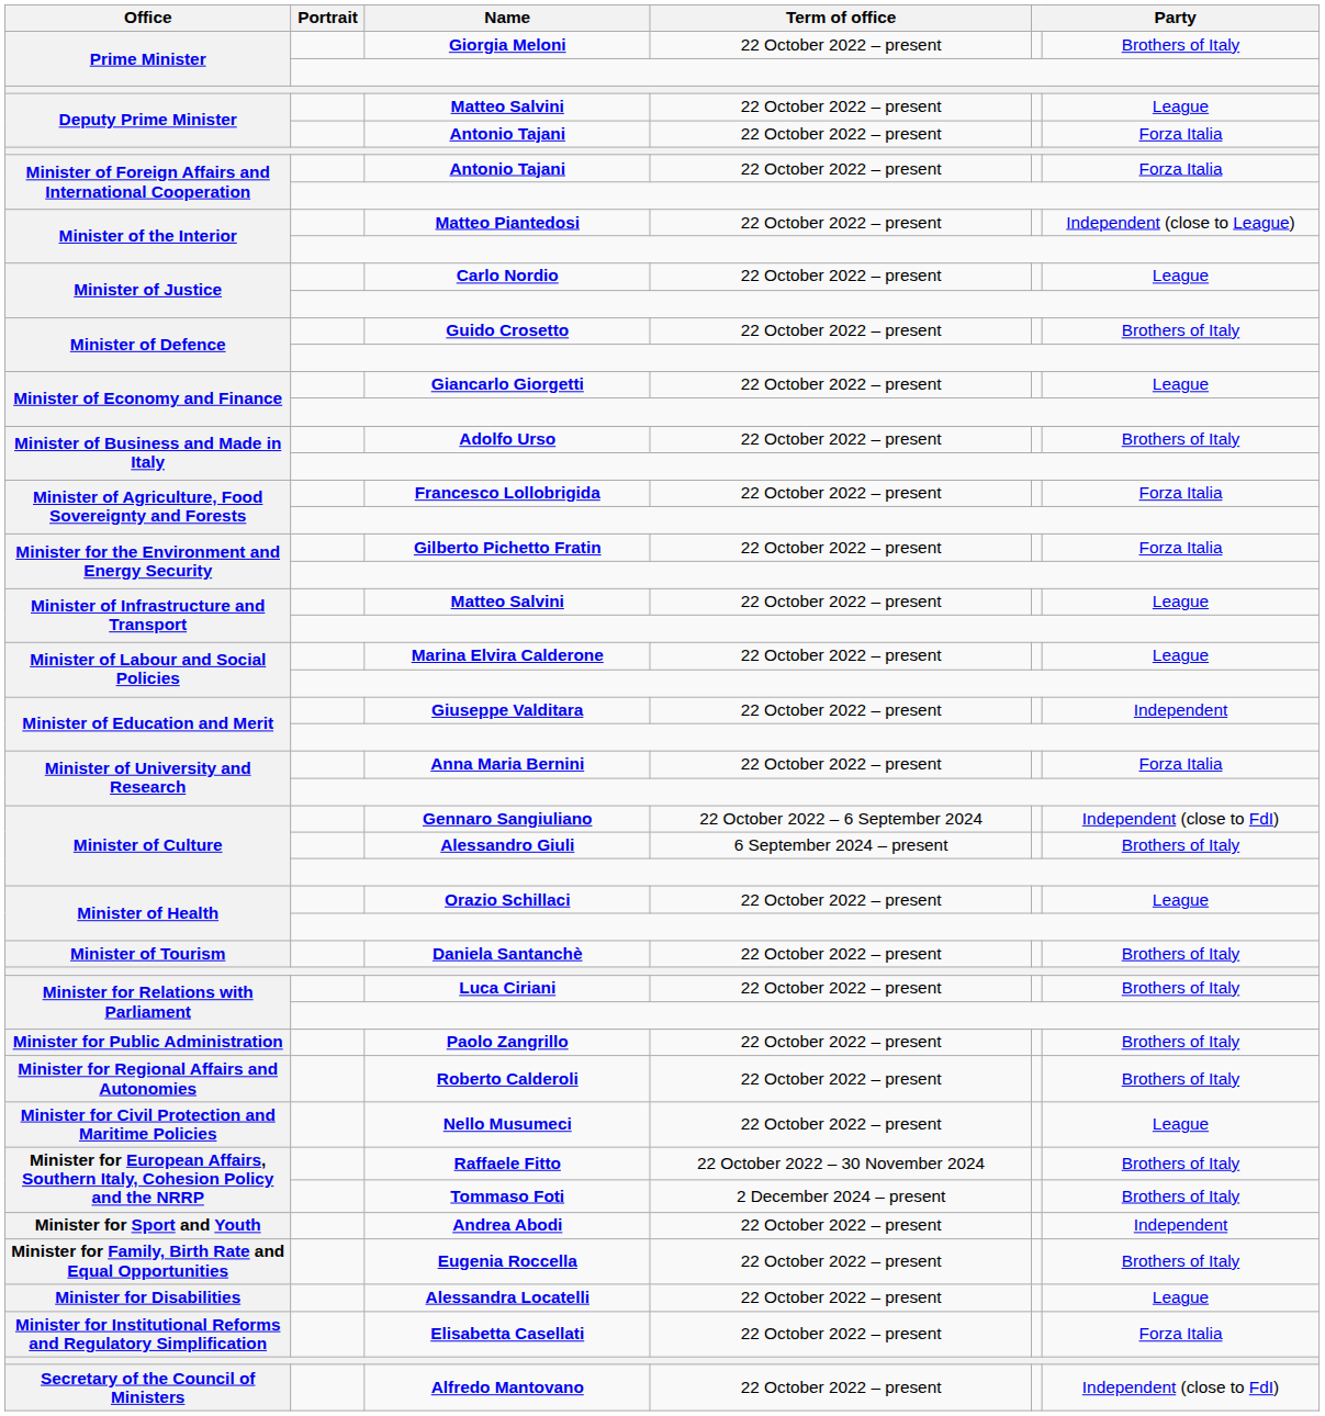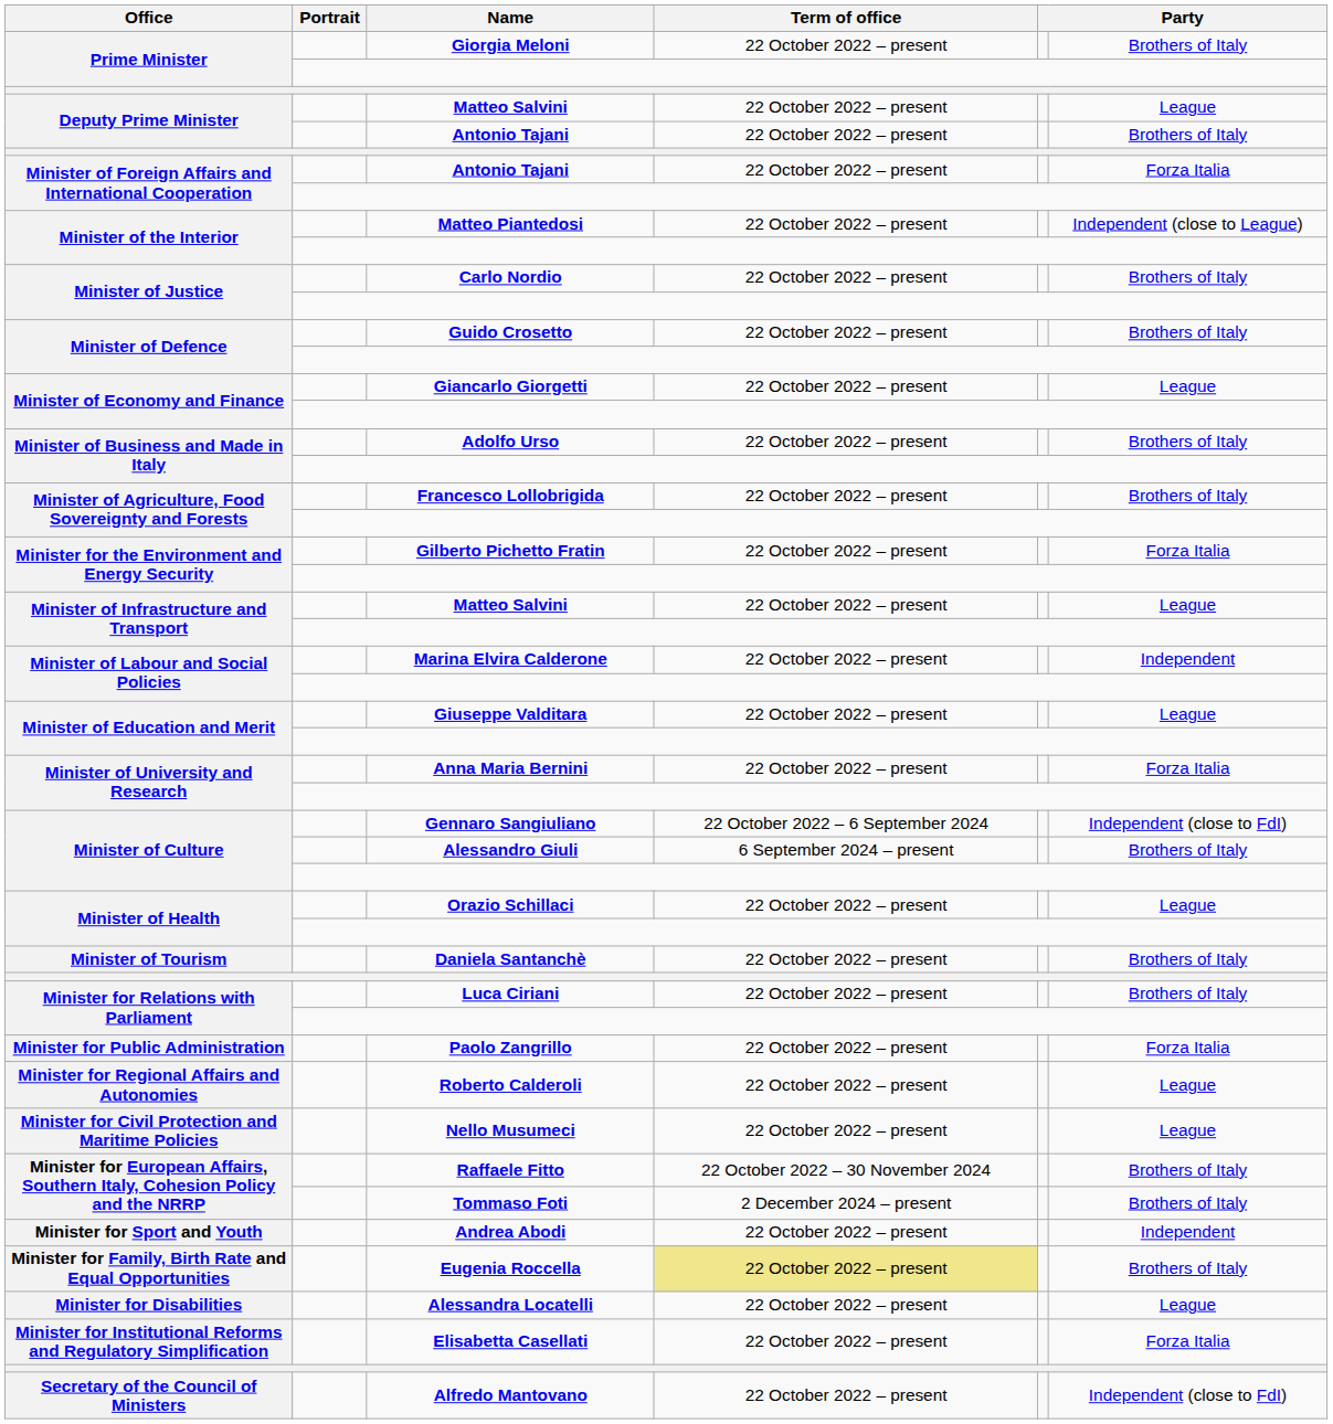 <table class="wikitable" style="text-align:center;">
 <tr>
 <th width=15%>Office</th>
 <th width=1%>Portrait</th>
 <th width=15%>Name</th>
 <th width=20%>Term of office</th>
 <th width=15% colspan=2>Party</th>
 </tr>
 <tr>
 <th rowspan=2><a href='#'>Prime Minister</a></th>
 <td></td>
 <td><strong><a href='#'>Giorgia Meloni</a></strong></td>
 <td>22 October 2022 – present</td>
 <td></td>
 <td><a href='#'>Brothers of Italy</a></td>
 </tr>
 <tr>
 <td colspan=6 style="font-size:95%; line-height:19px;"><br></td>
 </tr>
 <tr>
 <th colspan=6></th>
 </tr>
 <tr>
 <th rowspan="2"><a href='#'>Deputy Prime Minister</a></th>
 <td></td>
 <td><strong><a href='#'>Matteo Salvini</a></strong></td>
 <td>22 October 2022 – present</td>
 <td></td>
 <td><a href='#'>League</a></td>
 </tr>
 <tr>
 <td></td>
 <td><strong><a href='#'>Antonio Tajani</a></strong></td>
 <td>22 October 2022 – present</td>
 <td></td>
-<td><a href='#'>Forza Italia</a></td>
+<td><a href='#'>Brothers of Italy</a></td>
 </tr>
 <tr>
 <th colspan=6></th>
 </tr>
 <tr>
 <th rowspan=2><a href='#'>Minister of Foreign Affairs and International Cooperation</a></th>
 <td></td>
 <td><strong><a href='#'>Antonio Tajani</a></strong></td>
 <td>22 October 2022 – present</td>
 <td></td>
 <td><a href='#'>Forza Italia</a></td>
 </tr>
 <tr>
 <td colspan="5" style="font-size:95%; line-height:19px;"><br> </td>
 </tr>
 <tr>
 <th rowspan=2><a href='#'>Minister of the Interior</a></th>
 <td></td>
 <td><strong><a href='#'>Matteo Piantedosi</a></strong></td>
 <td>22 October 2022 – present</td>
 <td></td>
 <td><a href='#'>Independent</a> (close to <a href='#'>League</a>)</td>
 </tr>
 <tr>
 <td colspan=6 style="font-size:95%; line-height:19px;"><br></td>
 </tr>
 <tr>
 <th rowspan=2><a href='#'>Minister of Justice</a></th>
 <td></td>
 <td><strong><a href='#'>Carlo Nordio</a></strong></td>
 <td>22 October 2022 – present</td>
 <td></td>
-<td><a href='#'>League</a></td>
+<td><a href='#'>Brothers of Italy</a></td>
 </tr>
 <tr>
 <td colspan="5" style="font-size:95%; line-height:19px;"><br> </td>
 </tr>
 <tr>
 <th rowspan=2><a href='#'>Minister of Defence</a></th>
 <td></td>
 <td><strong><a href='#'>Guido Crosetto</a></strong></td>
 <td>22 October 2022 – present</td>
 <td></td>
 <td><a href='#'>Brothers of Italy</a></td>
 </tr>
 <tr>
 <td colspan=6 style="font-size:95%; line-height:19px;"><br></td>
 </tr>
 <tr>
 <th rowspan=2><a href='#'>Minister of Economy and Finance</a></th>
 <td></td>
 <td><strong><a href='#'>Giancarlo Giorgetti</a></strong></td>
 <td>22 October 2022 – present</td>
 <td></td>
 <td><a href='#'>League</a></td>
 </tr>
 <tr>
 <td colspan="5" style="font-size:95%; line-height:19px;"><br> </td>
 </tr>
 <tr>
 <th rowspan=2><a href='#'>Minister of Business and Made in Italy</a></th>
 <td></td>
 <td><strong><a href='#'>Adolfo Urso</a></strong></td>
 <td>22 October 2022 – present</td>
 <td></td>
 <td><a href='#'>Brothers of Italy</a></td>
 </tr>
 <tr>
 <td colspan="5" style="font-size:95%; line-height:19px;"><br> </td>
 </tr>
 <tr>
 <th rowspan=2><a href='#'>Minister of Agriculture, Food Sovereignty and Forests</a></th>
 <td></td>
 <td><strong><a href='#'>Francesco Lollobrigida</a></strong></td>
 <td>22 October 2022 – present</td>
 <td></td>
-<td><a href='#'>Forza Italia</a></td>
+<td><a href='#'>Brothers of Italy</a></td>
 </tr>
 <tr>
 <td colspan=6 style="font-size:95%; line-height:19px;"><br></td>
 </tr>
 <tr>
 <th rowspan=2><a href='#'>Minister for the Environment and Energy Security</a></th>
 <td></td>
 <td><strong><a href='#'>Gilberto Pichetto Fratin</a></strong></td>
 <td>22 October 2022 – present</td>
 <td></td>
 <td><a href='#'>Forza Italia</a></td>
 </tr>
 <tr>
 <td colspan="5" style="font-size:95%; line-height:19px;"><br> </td>
 </tr>
 <tr>
 <th rowspan=2><a href='#'>Minister of Infrastructure and Transport</a></th>
 <td></td>
 <td><strong><a href='#'>Matteo Salvini</a></strong></td>
 <td>22 October 2022 – present</td>
 <td></td>
 <td><a href='#'>League</a></td>
 </tr>
 <tr>
 <td colspan="5" style="font-size:95%; line-height:19px;"><br> </td>
 </tr>
 <tr>
 <th rowspan=2><a href='#'>Minister of Labour and Social Policies</a></th>
 <td></td>
 <td><strong><a href='#'>Marina Elvira Calderone</a></strong></td>
 <td>22 October 2022 – present</td>
 <td></td>
-<td><a href='#'>League</a></td>
+<td><a href='#'>Independent</a></td>
 </tr>
 <tr>
 <td colspan="5" style="font-size:95%; line-height:19px;"><br> </td>
 </tr>
 <tr>
 <th rowspan=2><a href='#'>Minister of Education and Merit</a></th>
 <td></td>
 <td><strong><a href='#'>Giuseppe Valditara</a></strong></td>
 <td>22 October 2022 – present</td>
 <td></td>
-<td><a href='#'>Independent</a></td>
+<td><a href='#'>League</a></td>
 </tr>
 <tr>
 <td colspan=6 style="font-size:95%; line-height:19px;"><br></td>
 </tr>
 <tr>
 <th rowspan=2><a href='#'>Minister of University and Research</a></th>
 <td></td>
 <td><strong><a href='#'>Anna Maria Bernini</a></strong></td>
 <td>22 October 2022 – present</td>
 <td></td>
 <td><a href='#'>Forza Italia</a></td>
 </tr>
 <tr>
 <td colspan=6 style="font-size:95%; line-height:19px;"><br></td>
 </tr>
 <tr>
 <th rowspan=3><a href='#'>Minister of Culture</a></th>
 <td></td>
 <td><strong><a href='#'>Gennaro Sangiuliano</a></strong></td>
 <td>22 October 2022 – 6 September 2024</td>
 <td></td>
 <td><a href='#'>Independent</a> (close to <a href='#'>FdI</a>)</td>
 </tr>
 <tr>
 <td></td>
 <td><strong><a href='#'>Alessandro Giuli</a></strong></td>
 <td>6 September 2024 – present</td>
 <td></td>
 <td><a href='#'>Brothers of Italy</a></td>
 </tr>
 <tr>
 <td colspan=6 style="font-size:95%; line-height:19px;"><br></td>
 </tr>
 <tr>
 <th rowspan=2><a href='#'>Minister of Health</a></th>
 <td></td>
 <td><strong><a href='#'>Orazio Schillaci</a></strong></td>
 <td>22 October 2022 – present</td>
 <td></td>
 <td><a href='#'>League</a></td>
 </tr>
 <tr>
 <td colspan=6 style="font-size:95%; line-height:19px;"><br></td>
 </tr>
 <tr>
 <th><a href='#'>Minister of Tourism</a></th>
 <td></td>
 <td><strong><a href='#'>Daniela Santanchè</a></strong></td>
 <td>22 October 2022 – present</td>
 <td></td>
 <td><a href='#'>Brothers of Italy</a></td>
 </tr>
 <tr>
 <th colspan=6></th>
 </tr>
 <tr>
 <th rowspan=2><a href='#'>Minister for Relations with Parliament</a><br></th>
 <td></td>
 <td><strong><a href='#'>Luca Ciriani</a></strong></td>
 <td>22 October 2022 – present</td>
 <td></td>
 <td><a href='#'>Brothers of Italy</a></td>
 </tr>
 <tr>
 <td colspan="5" style="font-size:95%; line-height:19px;"><br></td>
 </tr>
 <tr>
 <th><a href='#'>Minister for Public Administration</a><br></th>
 <td></td>
 <td><strong><a href='#'>Paolo Zangrillo</a></strong></td>
 <td>22 October 2022 – present</td>
 <td></td>
-<td><a href='#'>Brothers of Italy</a></td>
+<td><a href='#'>Forza Italia</a></td>
 </tr>
 <tr>
 <th><a href='#'>Minister for Regional Affairs and Autonomies</a><br></th>
 <td></td>
 <td><strong><a href='#'>Roberto Calderoli</a></strong></td>
 <td>22 October 2022 – present</td>
 <td></td>
-<td><a href='#'>Brothers of Italy</a></td>
+<td><a href='#'>League</a></td>
 </tr>
 <tr>
 <th><a href='#'>Minister for Civil Protection and Maritime Policies</a><br></th>
 <td></td>
 <td><strong><a href='#'>Nello Musumeci</a></strong></td>
 <td>22 October 2022 – present</td>
 <td></td>
 <td><a href='#'>League</a></td>
 </tr>
 <tr>
 <th rowspan=2>Minister for <a href='#'>European Affairs</a>, <a href='#'>Southern Italy, Cohesion Policy and the NRRP</a><br></th>
 <td></td>
 <td><strong><a href='#'>Raffaele Fitto</a></strong></td>
 <td>22 October 2022 – 30 November 2024</td>
 <td></td>
 <td><a href='#'>Brothers of Italy</a></td>
 </tr>
 <tr>
 <td></td>
 <td><strong><a href='#'>Tommaso Foti</a></strong></td>
 <td>2 December 2024 – present</td>
 <td></td>
 <td><a href='#'>Brothers of Italy</a></td>
 </tr>
 <tr>
 <th>Minister for <a href='#'>Sport</a> and <a href='#'>Youth</a><br></th>
 <td></td>
 <td><strong><a href='#'>Andrea Abodi</a></strong></td>
 <td>22 October 2022 – present</td>
 <td></td>
 <td><a href='#'>Independent</a></td>
 </tr>
 <tr>
 <th>Minister for <a href='#'>Family, Birth Rate</a> and <a href='#'>Equal Opportunities</a><br></th>
 <td></td>
 <td><strong><a href='#'>Eugenia Roccella</a></strong></td>
-<td>22 October 2022 – present</td>
+<td style="background: khaki;">22 October 2022 – present</td>
 <td></td>
 <td><a href='#'>Brothers of Italy</a></td>
 </tr>
 <tr>
 <th><a href='#'>Minister for Disabilities</a><br></th>
 <td></td>
 <td><strong><a href='#'>Alessandra Locatelli</a></strong></td>
 <td>22 October 2022 – present</td>
 <td></td>
 <td><a href='#'>League</a></td>
 </tr>
 <tr>
 <th><a href='#'>Minister for Institutional Reforms and Regulatory Simplification</a><br></th>
 <td></td>
 <td><strong><a href='#'>Elisabetta Casellati</a></strong></td>
 <td>22 October 2022 – present</td>
 <td></td>
 <td><a href='#'>Forza Italia</a></td>
 </tr>
 <tr>
 <th colspan=6></th>
 </tr>
 <tr>
 <th><a href='#'>Secretary of the Council of Ministers</a></th>
 <td></td>
 <td><strong><a href='#'>Alfredo Mantovano</a></strong></td>
 <td>22 October 2022 – present</td>
 <td></td>
 <td><a href='#'>Independent</a> (close to <a href='#'>FdI</a>)</td>
 </tr>
 </table>
